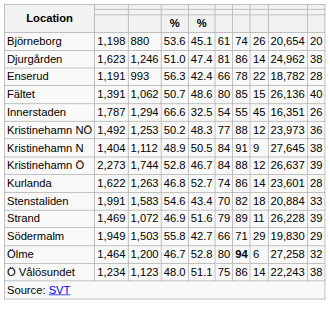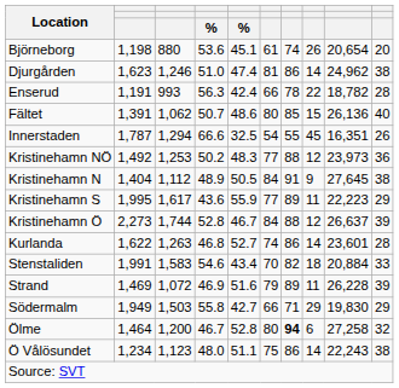 <table role="presentation" class="wikitable sortable mw-collapsible">
 <tr>
 <th rowspan="3">Location</th>
 <th></th>
 <th></th>
 <th></th>
 <th></th>
 <th></th>
 <th></th>
 <th></th>
 <th></th>
 <th></th>
 </tr>
 <tr>
 <th></th>
 <th></th>
 <th style="background:"></th>
 <th style="background:"></th>
 <th></th>
 <th></th>
 <th></th>
 <th></th>
 <th></th>
 </tr>
 <tr>
 <th data-sort-type="number"></th>
 <th data-sort-type="number"></th>
 <th data-sort-type="number">%</th>
 <th data-sort-type="number">%</th>
 <th data-sort-type="number"></th>
 <th data-sort-type="number"></th>
 <th data-sort-type="number"></th>
 <th data-sort-type="number"></th>
 <th data-sort-type="number"></th>
 </tr>
 <tr>
 <td align="left">Björneborg</td>
 <td>1,198</td>
 <td>880</td>
 <td>53.6</td>
 <td>45.1</td>
 <td>61</td>
 <td>74</td>
 <td>26</td>
 <td>20,654</td>
 <td>20</td>
 </tr>
 <tr>
 <td align="left">Djurgården</td>
 <td>1,623</td>
 <td>1,246</td>
 <td>51.0</td>
 <td>47.4</td>
 <td>81</td>
 <td>86</td>
 <td>14</td>
 <td>24,962</td>
 <td>38</td>
 </tr>
 <tr>
 <td align="left">Enserud</td>
 <td>1,191</td>
 <td>993</td>
 <td>56.3</td>
 <td>42.4</td>
 <td>66</td>
 <td>78</td>
 <td>22</td>
 <td>18,782</td>
 <td>28</td>
 </tr>
 <tr>
 <td align="left">Fältet</td>
 <td>1,391</td>
 <td>1,062</td>
 <td>50.7</td>
 <td>48.6</td>
 <td>80</td>
 <td>85</td>
 <td>15</td>
 <td>26,136</td>
 <td>40</td>
 </tr>
 <tr>
 <td align="left">Innerstaden</td>
 <td>1,787</td>
 <td>1,294</td>
 <td>66.6</td>
 <td>32.5</td>
 <td>54</td>
 <td>55</td>
 <td>45</td>
 <td>16,351</td>
 <td>26</td>
 </tr>
 <tr>
 <td align="left">Kristinehamn NÖ</td>
 <td>1,492</td>
 <td>1,253</td>
 <td>50.2</td>
 <td>48.3</td>
 <td>77</td>
 <td>88</td>
 <td>12</td>
 <td>23,973</td>
 <td>36</td>
 </tr>
 <tr>
 <td align="left">Kristinehamn N</td>
 <td>1,404</td>
 <td>1,112</td>
 <td>48.9</td>
 <td>50.5</td>
 <td>84</td>
 <td>91</td>
 <td>9</td>
 <td>27,645</td>
 <td>38</td>
 </tr>
 <tr>
+<td align="left">Kristinehamn S</td>
+<td>1,995</td>
+<td>1,617</td>
+<td>43.6</td>
+<td>55.9</td>
+<td>77</td>
+<td>89</td>
+<td>11</td>
+<td>22,223</td>
+<td>29</td>
+</tr>
+<tr>
 <td align="left">Kristinehamn Ö</td>
 <td>2,273</td>
 <td>1,744</td>
 <td>52.8</td>
 <td>46.7</td>
 <td>84</td>
 <td>88</td>
 <td>12</td>
 <td>26,637</td>
 <td>39</td>
 </tr>
 <tr>
 <td align="left">Kurlanda</td>
 <td>1,622</td>
 <td>1,263</td>
 <td>46.8</td>
 <td>52.7</td>
 <td>74</td>
 <td>86</td>
 <td>14</td>
 <td>23,601</td>
 <td>28</td>
 </tr>
 <tr>
 <td align="left">Stenstaliden</td>
 <td>1,991</td>
 <td>1,583</td>
 <td>54.6</td>
 <td>43.4</td>
 <td>70</td>
 <td>82</td>
 <td>18</td>
 <td>20,884</td>
 <td>33</td>
 </tr>
 <tr>
 <td align="left">Strand</td>
 <td>1,469</td>
 <td>1,072</td>
 <td>46.9</td>
 <td>51.6</td>
 <td>79</td>
 <td>89</td>
 <td>11</td>
 <td>26,228</td>
 <td>39</td>
 </tr>
 <tr>
 <td align="left">Södermalm</td>
 <td>1,949</td>
 <td>1,503</td>
 <td>55.8</td>
 <td>42.7</td>
 <td>66</td>
 <td>71</td>
 <td>29</td>
 <td>19,830</td>
 <td>29</td>
 </tr>
 <tr>
 <td align="left">Ölme</td>
 <td>1,464</td>
 <td>1,200</td>
 <td>46.7</td>
 <td>52.8</td>
 <td>80</td>
 <td><strong>94</strong></td>
 <td>6</td>
 <td>27,258</td>
 <td>32</td>
 </tr>
 <tr>
 <td align="left">Ö Vålösundet</td>
 <td>1,234</td>
 <td>1,123</td>
 <td>48.0</td>
 <td>51.1</td>
 <td>75</td>
 <td>86</td>
 <td>14</td>
 <td>22,243</td>
 <td>38</td>
 </tr>
 <tr>
 <td colspan="10" align="left">Source: <a href='#'>SVT</a></td>
 </tr>
 </table>
